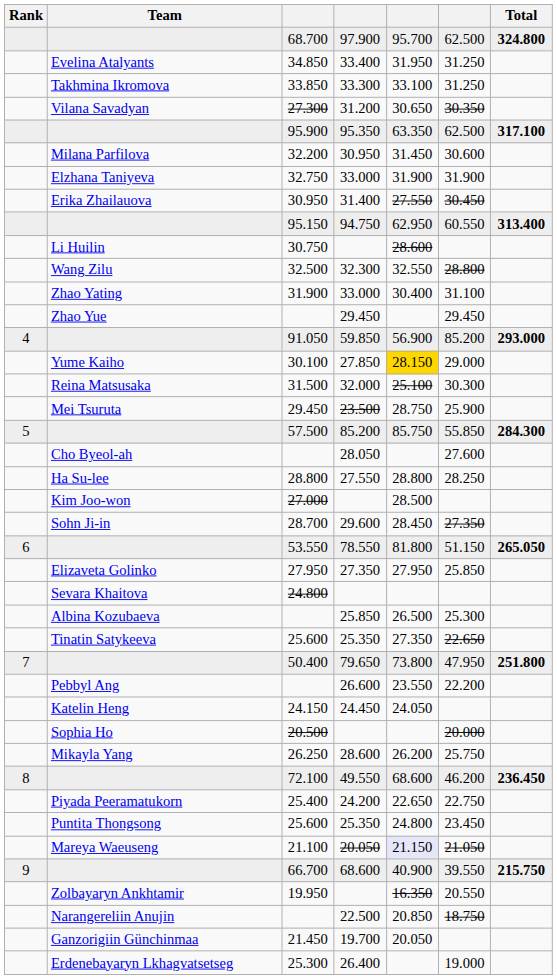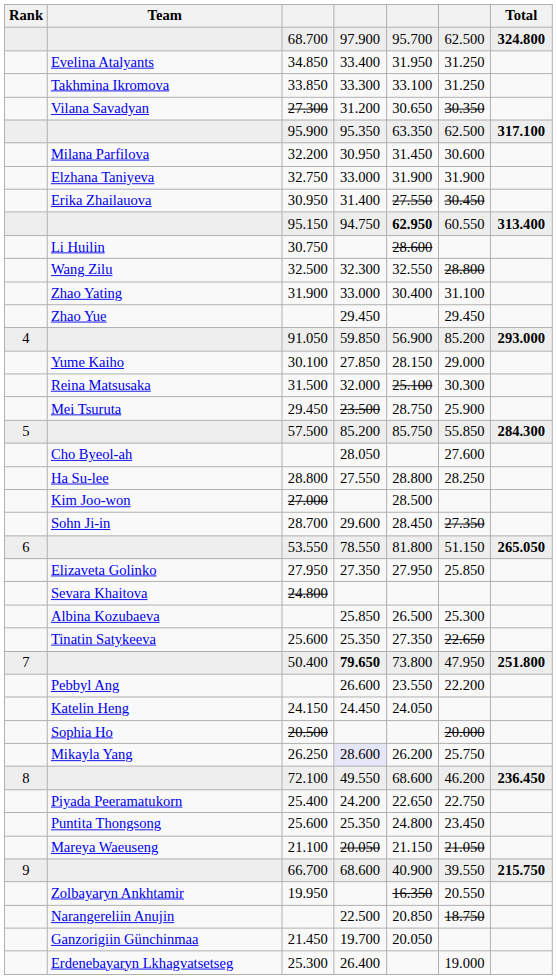 <table class=wikitable style="text-align:center">
 <tr>
 <th width=40>Rank</th>
 <th width=250>Team</th>
 <th width=50></th>
 <th width=50></th>
 <th width=50></th>
 <th width=50></th>
 <th width=60>Total</th>
 </tr>
 <tr bgcolor=eeeeee>
 <td></td>
 <td align=left></td>
 <td>68.700</td>
 <td>97.900</td>
 <td>95.700</td>
 <td>62.500</td>
 <td><strong>324.800</strong></td>
 </tr>
 <tr>
 <td></td>
 <td align=left><a href='#'>Evelina Atalyants</a></td>
 <td>34.850</td>
 <td>33.400</td>
 <td>31.950</td>
 <td>31.250</td>
 <td></td>
 </tr>
 <tr>
 <td></td>
 <td align=left><a href='#'>Takhmina Ikromova</a></td>
 <td>33.850</td>
 <td>33.300</td>
 <td>33.100</td>
 <td>31.250</td>
 <td></td>
 </tr>
 <tr>
 <td></td>
 <td align=left><a href='#'>Vilana Savadyan</a></td>
 <td><s>27.300</s></td>
 <td>31.200</td>
 <td>30.650</td>
 <td><s>30.350</s></td>
 <td></td>
 </tr>
 <tr bgcolor=eeeeee>
 <td></td>
 <td align=left></td>
 <td>95.900</td>
 <td>95.350</td>
 <td>63.350</td>
 <td>62.500</td>
 <td><strong>317.100</strong></td>
 </tr>
 <tr>
 <td></td>
 <td align=left><a href='#'>Milana Parfilova</a></td>
 <td>32.200</td>
 <td>30.950</td>
 <td>31.450</td>
 <td>30.600</td>
 <td></td>
 </tr>
 <tr>
 <td></td>
 <td align=left><a href='#'>Elzhana Taniyeva</a></td>
 <td>32.750</td>
 <td>33.000</td>
 <td>31.900</td>
 <td>31.900</td>
 <td></td>
 </tr>
 <tr>
 <td></td>
 <td align=left><a href='#'>Erika Zhailauova</a></td>
 <td>30.950</td>
 <td>31.400</td>
 <td><s>27.550</s></td>
 <td><s>30.450</s></td>
 <td></td>
 </tr>
 <tr bgcolor=eeeeee>
 <td></td>
 <td align=left></td>
 <td>95.150</td>
 <td>94.750</td>
-<td>62.950</td>
+<td><strong>62.950</strong></td>
 <td>60.550</td>
 <td><strong>313.400</strong></td>
 </tr>
 <tr>
 <td></td>
 <td align=left><a href='#'>Li Huilin</a></td>
 <td>30.750</td>
 <td></td>
 <td><s>28.600</s></td>
 <td></td>
 <td></td>
 </tr>
 <tr>
 <td></td>
 <td align=left><a href='#'>Wang Zilu</a></td>
 <td>32.500</td>
 <td>32.300</td>
 <td>32.550</td>
 <td><s>28.800</s></td>
 <td></td>
 </tr>
 <tr>
 <td></td>
 <td align=left><a href='#'>Zhao Yating</a></td>
 <td>31.900</td>
 <td>33.000</td>
 <td>30.400</td>
 <td>31.100</td>
 <td></td>
 </tr>
 <tr>
 <td></td>
 <td align=left><a href='#'>Zhao Yue</a></td>
 <td></td>
 <td>29.450</td>
 <td></td>
 <td>29.450</td>
 <td></td>
 </tr>
 <tr bgcolor=eeeeee>
 <td>4</td>
 <td align=left></td>
 <td>91.050</td>
 <td>59.850</td>
 <td>56.900</td>
 <td>85.200</td>
 <td><strong>293.000</strong></td>
 </tr>
 <tr>
 <td></td>
 <td align=left><a href='#'>Yume Kaiho</a></td>
 <td>30.100</td>
 <td>27.850</td>
-<td style="background: gold;">28.150</td>
+<td>28.150</td>
 <td>29.000</td>
 <td></td>
 </tr>
 <tr>
 <td></td>
 <td align=left><a href='#'>Reina Matsusaka</a></td>
 <td>31.500</td>
 <td>32.000</td>
 <td><s>25.100</s></td>
 <td>30.300</td>
 <td></td>
 </tr>
 <tr>
 <td></td>
 <td align=left><a href='#'>Mei Tsuruta</a></td>
 <td>29.450</td>
 <td><s>23.500</s></td>
 <td>28.750</td>
 <td>25.900</td>
 <td></td>
 </tr>
 <tr bgcolor=eeeeee>
 <td>5</td>
 <td align=left></td>
 <td>57.500</td>
 <td>85.200</td>
 <td>85.750</td>
 <td>55.850</td>
 <td><strong>284.300</strong></td>
 </tr>
 <tr>
 <td></td>
 <td align=left><a href='#'>Cho Byeol-ah</a></td>
 <td></td>
 <td>28.050</td>
 <td></td>
 <td>27.600</td>
 <td></td>
 </tr>
 <tr>
 <td></td>
 <td align=left><a href='#'>Ha Su-lee</a></td>
 <td>28.800</td>
 <td>27.550</td>
 <td>28.800</td>
 <td>28.250</td>
 <td></td>
 </tr>
 <tr>
 <td></td>
 <td align=left><a href='#'>Kim Joo-won</a></td>
 <td><s>27.000</s></td>
 <td></td>
 <td>28.500</td>
 <td></td>
 <td></td>
 </tr>
 <tr>
 <td></td>
 <td align=left><a href='#'>Sohn Ji-in</a></td>
 <td>28.700</td>
 <td>29.600</td>
 <td>28.450</td>
 <td><s>27.350</s></td>
 <td></td>
 </tr>
 <tr bgcolor=eeeeee>
 <td>6</td>
 <td align=left></td>
 <td>53.550</td>
 <td>78.550</td>
 <td>81.800</td>
 <td>51.150</td>
 <td><strong>265.050</strong></td>
 </tr>
 <tr>
 <td></td>
 <td align=left><a href='#'>Elizaveta Golinko</a></td>
 <td>27.950</td>
 <td>27.350</td>
 <td>27.950</td>
 <td>25.850</td>
 <td></td>
 </tr>
 <tr>
 <td></td>
 <td align=left><a href='#'>Sevara Khaitova</a></td>
 <td><s>24.800</s></td>
 <td></td>
 <td></td>
 <td></td>
 <td></td>
 </tr>
 <tr>
 <td></td>
 <td align=left><a href='#'>Albina Kozubaeva</a></td>
 <td></td>
 <td>25.850</td>
 <td>26.500</td>
 <td>25.300</td>
 <td></td>
 </tr>
 <tr>
 <td></td>
 <td align=left><a href='#'>Tinatin Satykeeva</a></td>
 <td>25.600</td>
 <td>25.350</td>
 <td>27.350</td>
 <td><s>22.650</s></td>
 <td></td>
 </tr>
 <tr bgcolor=eeeeee>
 <td>7</td>
 <td align=left></td>
 <td>50.400</td>
-<td>79.650</td>
+<td><strong>79.650</strong></td>
 <td>73.800</td>
 <td>47.950</td>
 <td><strong>251.800</strong></td>
 </tr>
 <tr>
 <td></td>
 <td align=left><a href='#'>Pebbyl Ang</a></td>
 <td></td>
 <td>26.600</td>
 <td>23.550</td>
 <td>22.200</td>
 <td></td>
 </tr>
 <tr>
 <td></td>
 <td align=left><a href='#'>Katelin Heng</a></td>
 <td>24.150</td>
 <td>24.450</td>
 <td>24.050</td>
 <td></td>
 <td></td>
 </tr>
 <tr>
 <td></td>
 <td align=left><a href='#'>Sophia Ho</a></td>
 <td><s>20.500</s></td>
 <td></td>
 <td></td>
 <td><s>20.000</s></td>
 <td></td>
 </tr>
 <tr>
 <td></td>
 <td align=left><a href='#'>Mikayla Yang</a></td>
 <td>26.250</td>
-<td>28.600</td>
+<td style="background: lavender;">28.600</td>
 <td>26.200</td>
 <td>25.750</td>
 <td></td>
 </tr>
 <tr bgcolor=eeeeee>
 <td>8</td>
 <td align=left></td>
 <td>72.100</td>
 <td>49.550</td>
 <td>68.600</td>
 <td>46.200</td>
 <td><strong>236.450</strong></td>
 </tr>
 <tr>
 <td></td>
 <td align=left><a href='#'>Piyada Peeramatukorn</a></td>
 <td>25.400</td>
 <td>24.200</td>
 <td>22.650</td>
 <td>22.750</td>
 <td></td>
 </tr>
 <tr>
 <td></td>
 <td align=left><a href='#'>Puntita Thongsong</a></td>
 <td>25.600</td>
 <td>25.350</td>
 <td>24.800</td>
 <td>23.450</td>
 <td></td>
 </tr>
 <tr>
 <td></td>
 <td align=left><a href='#'>Mareya Waeuseng</a></td>
 <td>21.100</td>
 <td><s>20.050</s></td>
-<td style="background: lavender;">21.150</td>
+<td>21.150</td>
 <td><s>21.050</s></td>
 <td></td>
 </tr>
 <tr bgcolor=eeeeee>
 <td>9</td>
 <td align=left></td>
 <td>66.700</td>
 <td>68.600</td>
 <td>40.900</td>
 <td>39.550</td>
 <td><strong>215.750</strong></td>
 </tr>
 <tr>
 <td></td>
 <td align=left><a href='#'>Zolbayaryn Ankhtamir</a></td>
 <td>19.950</td>
 <td></td>
 <td><s>16.350</s></td>
 <td>20.550</td>
 <td></td>
 </tr>
 <tr>
 <td></td>
 <td align=left><a href='#'>Narangereliin Anujin</a></td>
 <td></td>
 <td>22.500</td>
 <td>20.850</td>
 <td><s>18.750</s></td>
 <td></td>
 </tr>
 <tr>
 <td></td>
 <td align=left><a href='#'>Ganzorigiin Günchinmaa</a></td>
 <td>21.450</td>
 <td>19.700</td>
 <td>20.050</td>
 <td></td>
 </tr>
 <tr>
 <td></td>
 <td align=left><a href='#'>Erdenebayaryn Lkhagvatsetseg</a></td>
 <td>25.300</td>
 <td>26.400</td>
 <td></td>
 <td>19.000</td>
 <td></td>
 </tr>
 </table>
